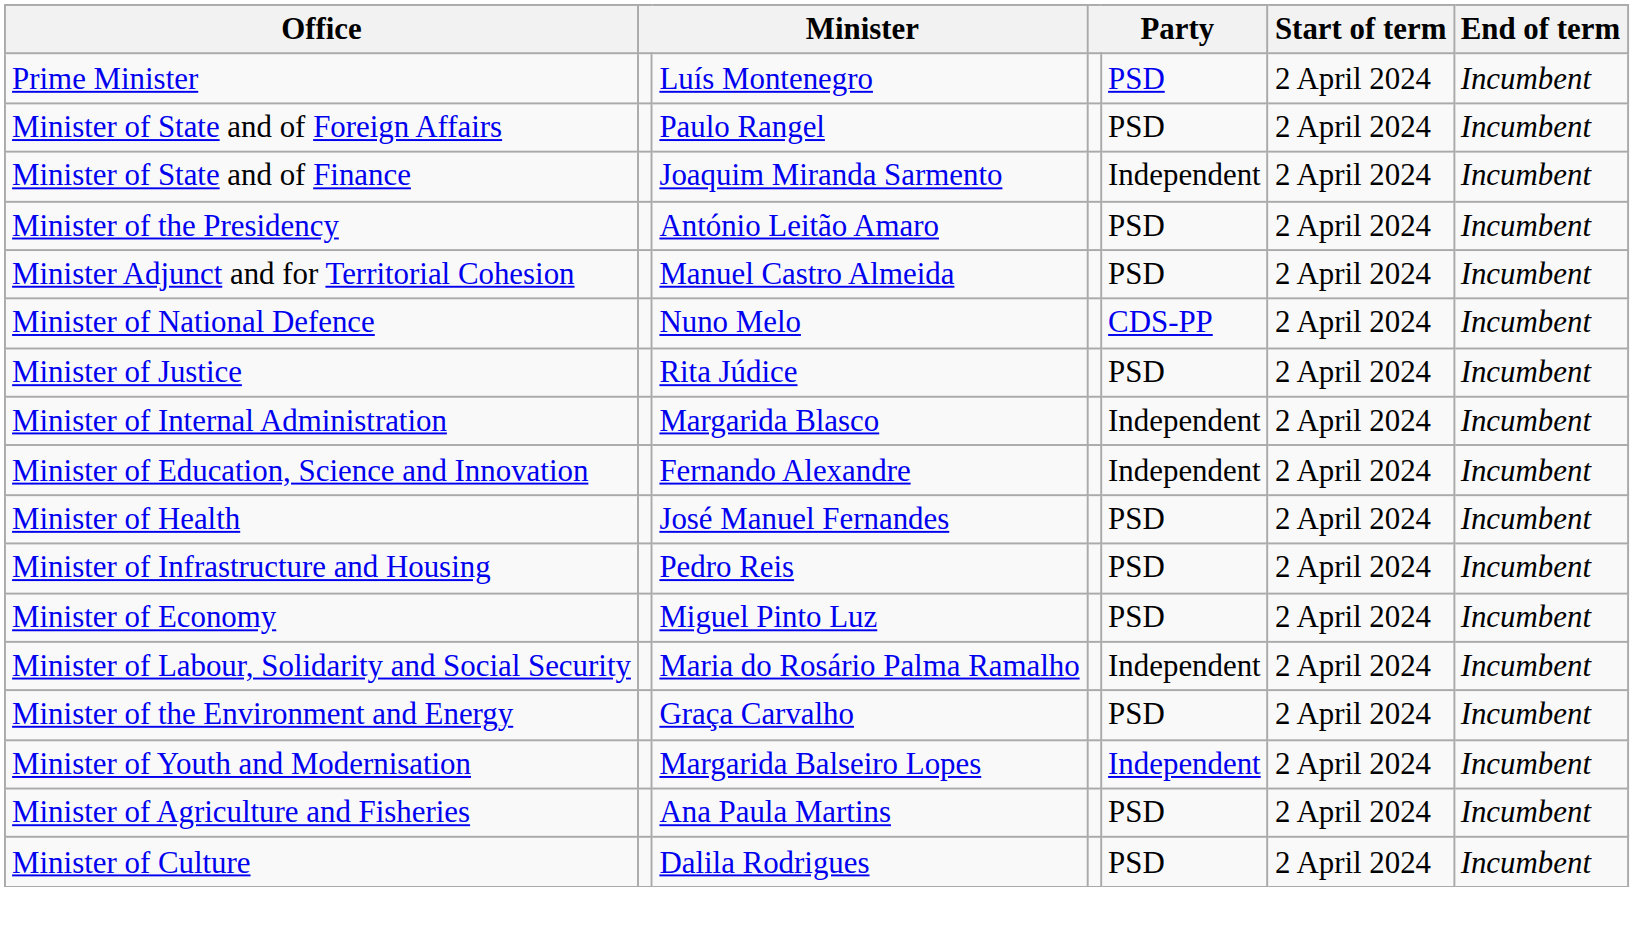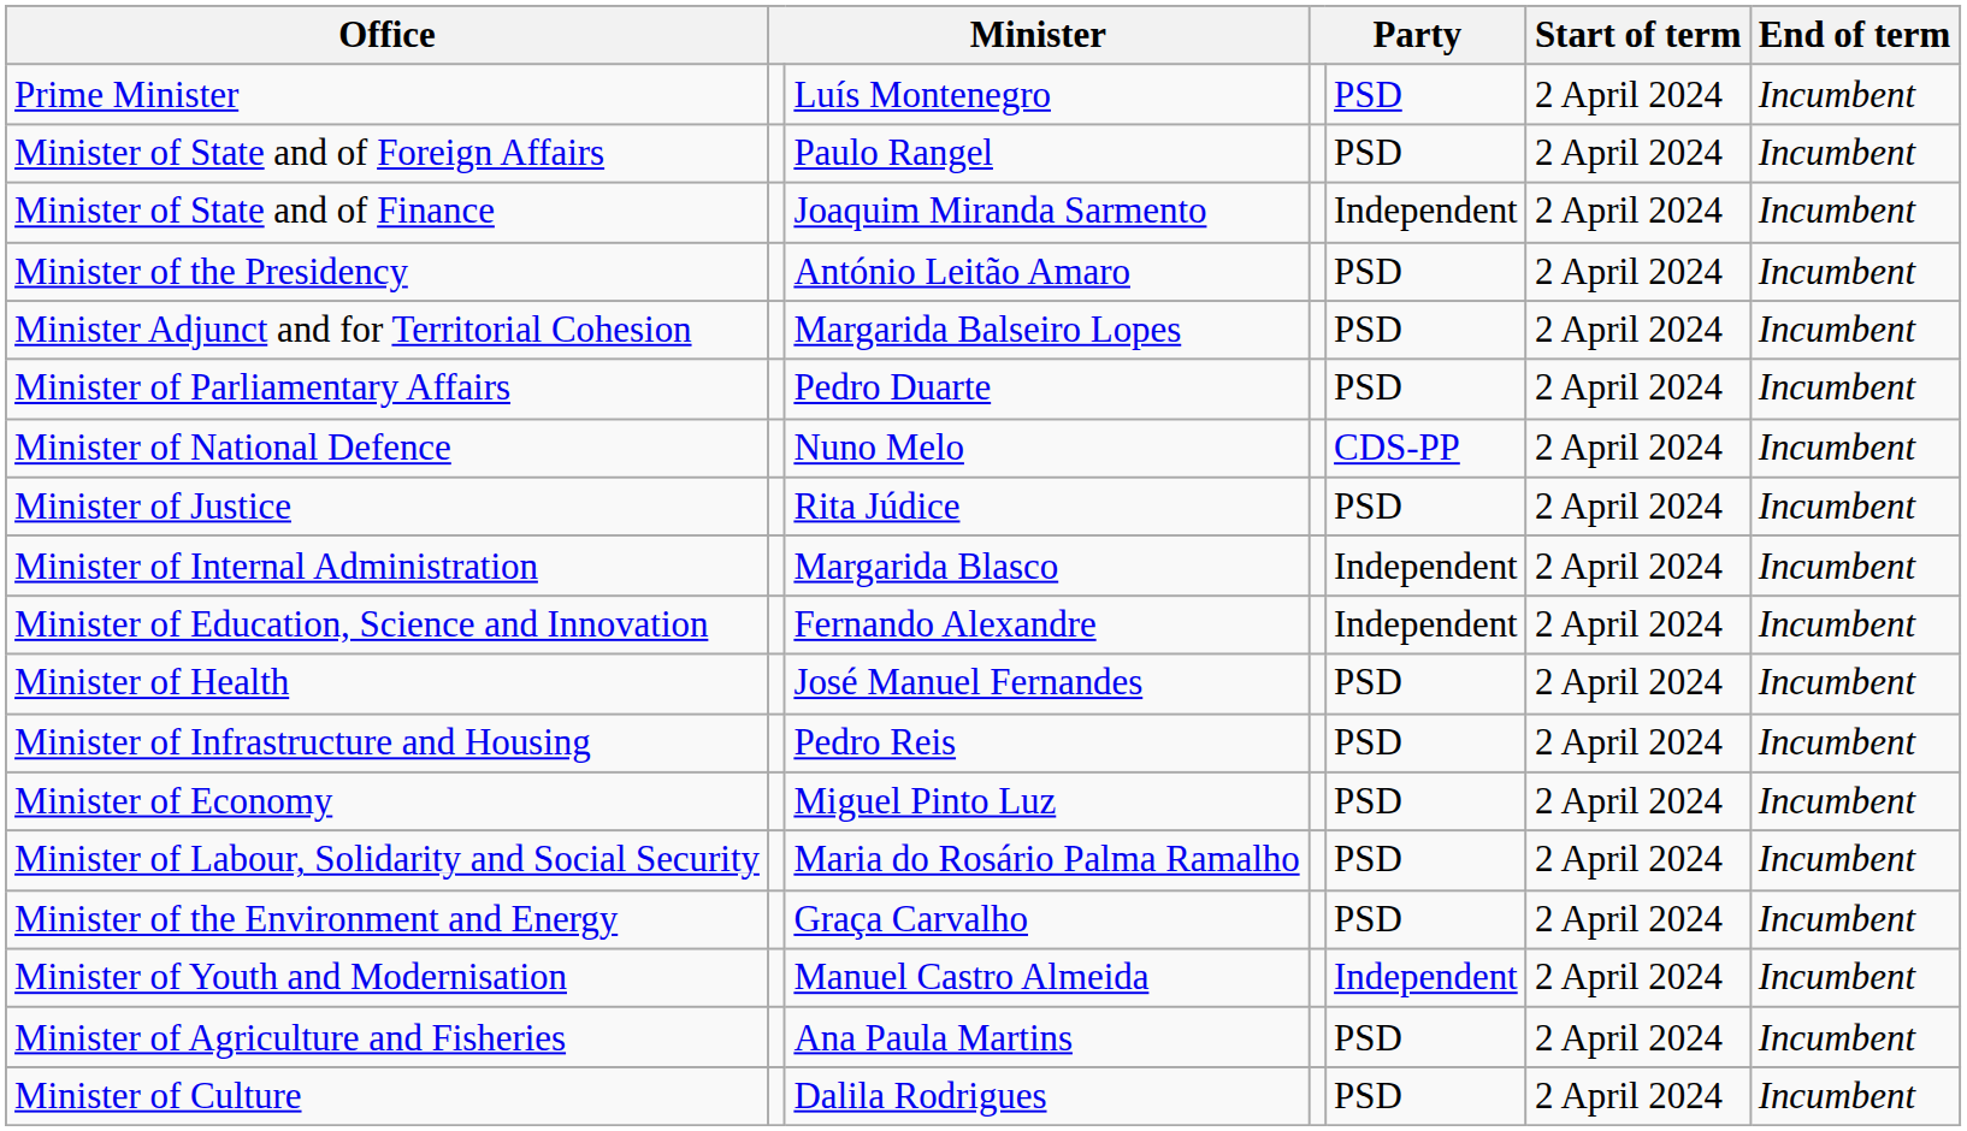 <table class="wikitable">
 <tr>
 <th>Office</th>
 <th colspan="2">Minister</th>
 <th colspan="2">Party</th>
 <th>Start of term</th>
 <th>End of term</th>
 </tr>
 <tr>
 <td><a href='#'>Prime Minister</a></td>
 <td align=center></td>
 <td><a href='#'>Luís Montenegro</a></td>
 <td style="background:"></td>
 <td><a href='#'>PSD</a></td>
 <td>2 April 2024</td>
 <td><em>Incumbent</em></td>
 </tr>
 <tr>
 <td><a href='#'>Minister of State</a> and of <a href='#'>Foreign Affairs</a></td>
 <td align=center></td>
 <td><a href='#'>Paulo Rangel</a></td>
 <td style="background:"></td>
 <td>PSD</td>
 <td>2 April 2024</td>
 <td><em>Incumbent</em></td>
 </tr>
 <tr>
 <td><a href='#'>Minister of State</a> and of <a href='#'>Finance</a></td>
 <td align=center></td>
 <td><a href='#'>Joaquim Miranda Sarmento</a></td>
 <td style="background:"></td>
 <td>Independent</td>
 <td>2 April 2024</td>
 <td><em>Incumbent</em></td>
 </tr>
 <tr>
 <td><a href='#'>Minister of the Presidency</a></td>
 <td align=center></td>
 <td><a href='#'>António Leitão Amaro</a></td>
 <td style="background:"></td>
 <td>PSD</td>
 <td>2 April 2024</td>
 <td><em>Incumbent</em></td>
 </tr>
 <tr>
 <td><a href='#'>Minister Adjunct</a> and for <a href='#'>Territorial Cohesion</a></td>
 <td></td>
-<td><a href='#'>Manuel Castro Almeida</a></td>
+<td><a href='#'>Margarida Balseiro Lopes</a></td>
+<td style="background:"></td>
+<td>PSD</td>
+<td>2 April 2024</td>
+<td><em>Incumbent</em></td>
+</tr>
+<tr>
+<td><a href='#'>Minister of Parliamentary Affairs</a></td>
+<td align=center></td>
+<td><a href='#'>Pedro Duarte</a></td>
 <td style="background:"></td>
 <td>PSD</td>
 <td>2 April 2024</td>
 <td><em>Incumbent</em></td>
 </tr>
 <tr>
 <td><a href='#'>Minister of National Defence</a></td>
 <td align=center></td>
 <td><a href='#'>Nuno Melo</a></td>
 <td style="background:"></td>
 <td><a href='#'>CDS-PP</a></td>
 <td>2 April 2024</td>
 <td><em>Incumbent</em></td>
 </tr>
 <tr>
 <td><a href='#'>Minister of Justice</a></td>
 <td></td>
 <td><a href='#'>Rita Júdice</a></td>
 <td style="background:"></td>
 <td>PSD</td>
 <td>2 April 2024</td>
 <td><em>Incumbent</em></td>
 </tr>
 <tr>
 <td><a href='#'>Minister of Internal Administration</a></td>
 <td></td>
 <td><a href='#'>Margarida Blasco</a></td>
 <td style="background:"></td>
 <td>Independent</td>
 <td>2 April 2024</td>
 <td><em>Incumbent</em></td>
 </tr>
 <tr>
 <td><a href='#'>Minister of Education, Science and Innovation</a></td>
 <td></td>
 <td><a href='#'>Fernando Alexandre</a></td>
 <td style="background:"></td>
 <td>Independent</td>
 <td>2 April 2024</td>
 <td><em>Incumbent</em></td>
 </tr>
 <tr>
 <td><a href='#'>Minister of Health</a></td>
 <td></td>
 <td><a href='#'>José Manuel Fernandes</a></td>
 <td style="background:"></td>
 <td>PSD</td>
 <td>2 April 2024</td>
 <td><em>Incumbent</em></td>
 </tr>
 <tr>
 <td><a href='#'>Minister of Infrastructure and Housing</a></td>
 <td align=center></td>
 <td><a href='#'>Pedro Reis</a></td>
 <td style="background:"></td>
 <td>PSD</td>
 <td>2 April 2024</td>
 <td><em>Incumbent</em></td>
 </tr>
 <tr>
 <td><a href='#'>Minister of Economy</a></td>
 <td align=center></td>
 <td><a href='#'>Miguel Pinto Luz</a></td>
 <td style="background:"></td>
 <td>PSD</td>
 <td>2 April 2024</td>
 <td><em>Incumbent</em></td>
 </tr>
 <tr>
 <td><a href='#'>Minister of Labour, Solidarity and Social Security</a></td>
 <td></td>
 <td><a href='#'>Maria do Rosário Palma Ramalho</a></td>
 <td style="background:"></td>
-<td>Independent</td>
+<td>PSD</td>
 <td>2 April 2024</td>
 <td><em>Incumbent</em></td>
 </tr>
 <tr>
 <td><a href='#'>Minister of the Environment and Energy</a></td>
 <td align=center></td>
 <td><a href='#'>Graça Carvalho</a></td>
 <td style="background:"></td>
 <td>PSD</td>
 <td>2 April 2024</td>
 <td><em>Incumbent</em></td>
 </tr>
 <tr>
 <td><a href='#'>Minister of Youth and Modernisation</a></td>
 <td align=center></td>
-<td><a href='#'>Margarida Balseiro Lopes</a></td>
+<td><a href='#'>Manuel Castro Almeida</a></td>
 <td style="background:"></td>
 <td><a href='#'>Independent</a></td>
 <td>2 April 2024</td>
 <td><em>Incumbent</em></td>
 </tr>
 <tr>
 <td><a href='#'>Minister of Agriculture and Fisheries</a></td>
 <td align=center></td>
 <td><a href='#'>Ana Paula Martins</a></td>
 <td style="background:"></td>
 <td>PSD</td>
 <td>2 April 2024</td>
 <td><em>Incumbent</em></td>
 </tr>
 <tr>
 <td><a href='#'>Minister of Culture</a></td>
 <td align=center></td>
 <td><a href='#'>Dalila Rodrigues</a></td>
 <td style="background:"></td>
 <td>PSD</td>
 <td>2 April 2024</td>
 <td><em>Incumbent</em></td>
 </tr>
 </table>
